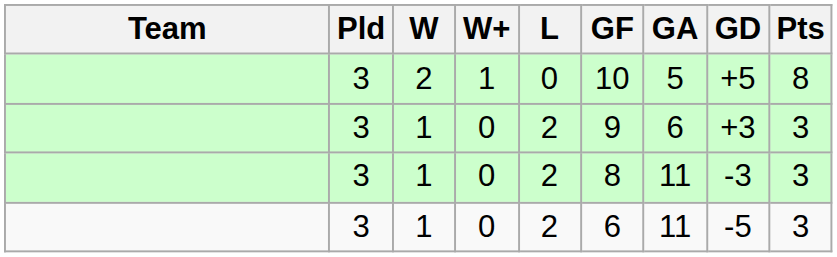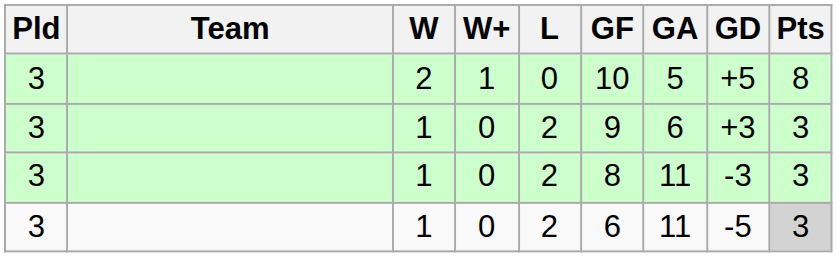 <table class="wikitable" style="text-align:center;">
 <tr>
+<th width=25>Pld</th>
 <th width=160>Team</th>
-<th width=25>Pld</th>
 <th width=25>W</th>
 <th width=25>W+</th>
 <th width=25>L</th>
 <th width=25>GF</th>
 <th width=25>GA</th>
 <th width=25>GD</th>
 <th width=25>Pts</th>
 </tr>
 <tr style="background:#ccffcc;">
+<td>3</td>
 <td align=left></td>
-<td>3</td>
 <td>2</td>
 <td>1</td>
 <td>0</td>
 <td>10</td>
 <td>5</td>
 <td>+5</td>
 <td>8</td>
 </tr>
 <tr style="background:#ccffcc;">
+<td>3</td>
 <td align=left></td>
-<td>3</td>
 <td>1</td>
 <td>0</td>
 <td>2</td>
 <td>9</td>
 <td>6</td>
 <td>+3</td>
 <td>3</td>
 </tr>
 <tr style="background:#ccffcc;">
+<td>3</td>
 <td align=left></td>
-<td>3</td>
 <td>1</td>
 <td>0</td>
 <td>2</td>
 <td>8</td>
 <td>11</td>
 <td>-3</td>
 <td>3</td>
 </tr>
 <tr>
+<td>3</td>
 <td align=left></td>
-<td>3</td>
 <td>1</td>
 <td>0</td>
 <td>2</td>
 <td>6</td>
 <td>11</td>
 <td>-5</td>
-<td>3</td>
+<td style="background: lightgrey;">3</td>
 </tr>
 </table>
